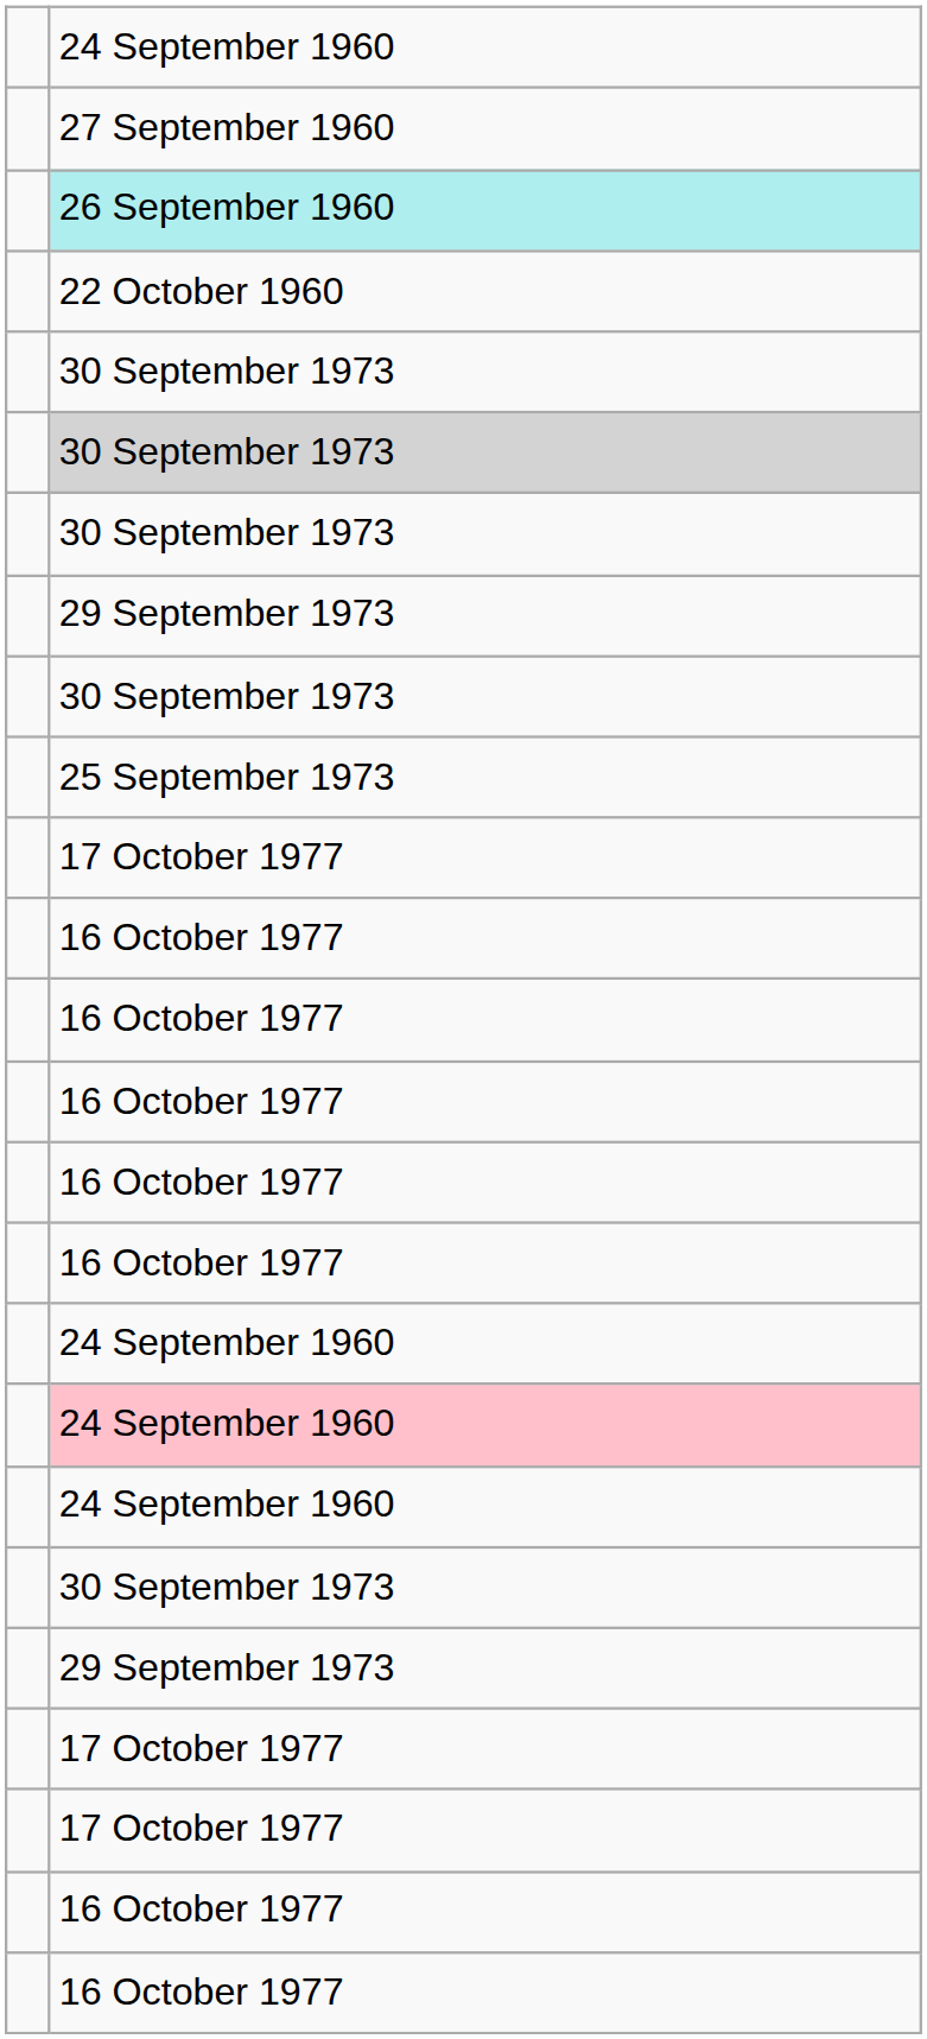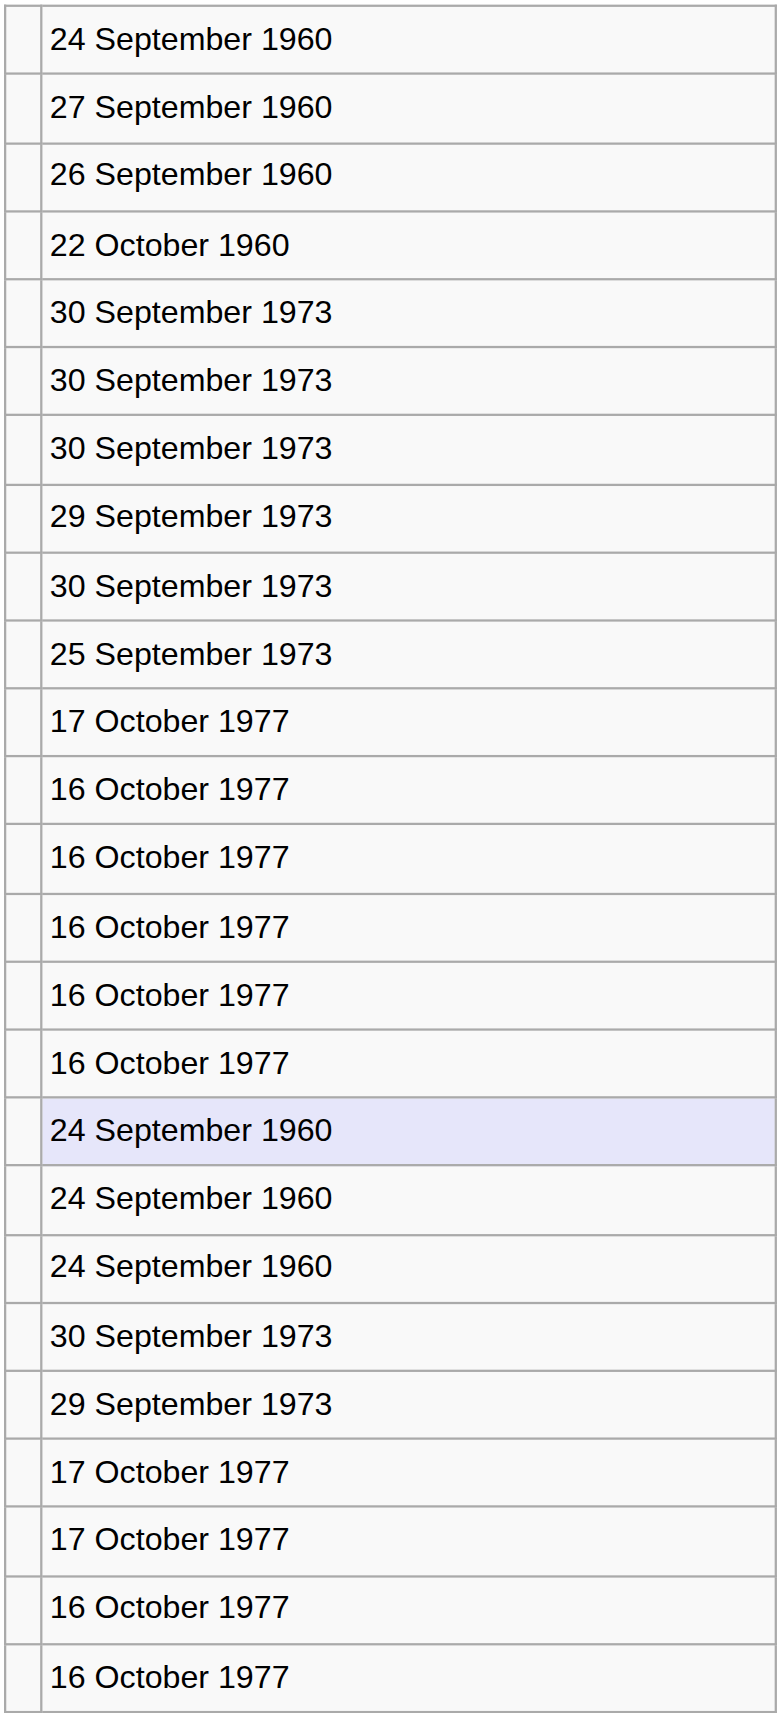 <table class="wikitable" style="font-size: 89%; float: left; width: 24em; margin-right: 1em; line-height: 1.65em">
 <tr>
 <td></td>
 <td>24 September 1960</td>
 </tr>
 <tr>
 <td></td>
 <td>27 September 1960</td>
 </tr>
 <tr>
 <td></td>
-<td style="background: paleturquoise;">26 September 1960</td>
+<td>26 September 1960</td>
 </tr>
 <tr>
 <td></td>
 <td>22 October 1960</td>
 </tr>
 <tr>
 <td></td>
 <td>30 September 1973</td>
 </tr>
 <tr>
 <td></td>
-<td style="background: lightgrey;">30 September 1973</td>
+<td>30 September 1973</td>
 </tr>
 <tr>
 <td></td>
 <td>30 September 1973</td>
 </tr>
 <tr>
 <td></td>
 <td>29 September 1973</td>
 </tr>
 <tr>
 <td></td>
 <td>30 September 1973</td>
 </tr>
 <tr>
 <td></td>
 <td>25 September 1973</td>
 </tr>
 <tr>
 <td></td>
 <td>17 October 1977</td>
 </tr>
 <tr>
 <td></td>
 <td>16 October 1977</td>
 </tr>
 <tr>
 <td></td>
 <td>16 October 1977</td>
 </tr>
 <tr>
 <td></td>
 <td>16 October 1977</td>
 </tr>
 <tr>
 <td></td>
 <td>16 October 1977</td>
 </tr>
 <tr>
 <td></td>
 <td>16 October 1977</td>
 </tr>
 <tr>
 <td></td>
-<td>24 September 1960</td>
+<td style="background: lavender;">24 September 1960</td>
 </tr>
 <tr>
 <td></td>
-<td style="background: pink;">24 September 1960</td>
+<td>24 September 1960</td>
 </tr>
 <tr>
 <td></td>
 <td>24 September 1960</td>
 </tr>
 <tr>
 <td></td>
 <td>30 September 1973</td>
 </tr>
 <tr>
 <td></td>
 <td>29 September 1973</td>
 </tr>
 <tr>
 <td></td>
 <td>17 October 1977</td>
 </tr>
 <tr>
 <td></td>
 <td>17 October 1977</td>
 </tr>
 <tr>
 <td></td>
 <td>16 October 1977</td>
 </tr>
 <tr>
 <td></td>
 <td>16 October 1977</td>
 </tr>
 </table>
